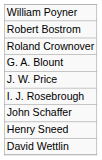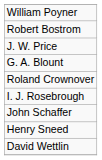 <table class="wikitable">
 <tr>
 </tr>
 <tr>
 <td>William Poyner</td>
 </tr>
 <tr>
 <td>Robert Bostrom</td>
 </tr>
 <tr>
-<td>Roland Crownover</td>
+<td>J. W. Price</td>
 </tr>
 <tr>
 <td>G. A. Blount</td>
 </tr>
 <tr>
-<td>J. W. Price</td>
+<td>Roland Crownover</td>
 </tr>
 <tr>
 <td>I. J. Rosebrough</td>
 </tr>
 <tr>
 <td>John Schaffer</td>
 </tr>
 <tr>
 <td>Henry Sneed</td>
 </tr>
 <tr>
 <td>David Wettlin</td>
 </tr>
 <tr>
 </tr>
 </table>
